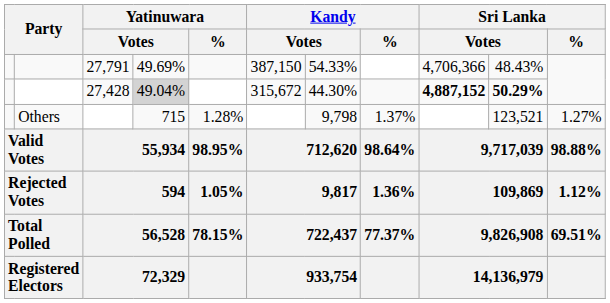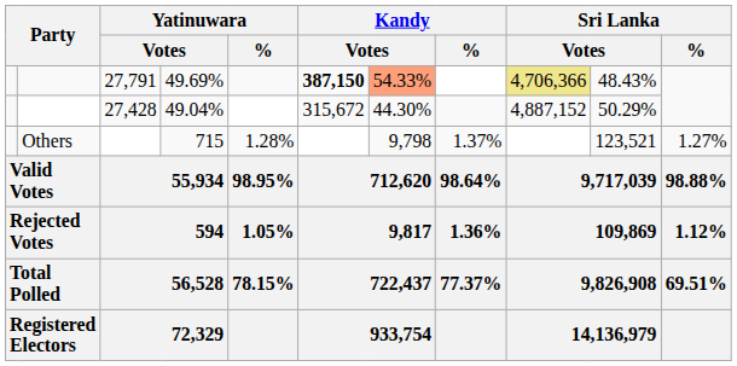 <table class="wikitable">
 <tr>
 <th colspan="2" rowspan="2">Party</th>
 <th colspan="3">Yatinuwara</th>
 <th colspan="3"><a href='#'>Kandy</a></th>
 <th colspan="3">Sri Lanka</th>
 </tr>
 <tr>
 <th colspan="2">Votes</th>
 <th>%</th>
 <th colspan="2">Votes</th>
 <th>%</th>
 <th colspan="2">Votes</th>
 <th>%</th>
 </tr>
 <tr>
 <td></td>
 <td style="background-color:"></td>
 <td style="text-align:right;">27,791</td>
 <td style="text-align:right;">49.69%</td>
 <td style="background-color:"></td>
-<td style="text-align:right;">387,150</td>
-<td style="text-align:right;">54.33%</td>
+<td style="text-align:right;"><strong>387,150</strong></td>
+<td style="background: lightsalmon; text-align:right;">54.33%</td>
 <td style="background-color:white;"></td>
-<td style="text-align:right;">4,706,366</td>
+<td style="background: khaki; text-align:right;">4,706,366</td>
 <td style="text-align:right;">48.43%</td>
 </tr>
 <tr>
 <td></td>
 <td style="background-color:white;"></td>
 <td style="text-align:right;">27,428</td>
-<td style="background: lightgrey; text-align:right;">49.04%</td>
+<td style="text-align:right;">49.04%</td>
 <td style="background-color:white;"></td>
 <td style="text-align:right;">315,672</td>
 <td style="text-align:right;">44.30%</td>
 <td style="background-color:"></td>
-<td style="text-align:right;"><strong>4,887,152</strong></td>
-<td style="text-align:right;"><strong>50.29%</strong></td>
+<td style="text-align:right;">4,887,152</td>
+<td style="text-align:right;">50.29%</td>
 </tr>
 <tr>
 <td style="background-color:"></td>
 <td style="text-align:left;">Others</td>
 <td style="background-color:white;"></td>
 <td style="text-align:right;">715</td>
 <td style="text-align:right;">1.28%</td>
 <td style="background-color:white;"></td>
 <td style="text-align:right;">9,798</td>
 <td style="text-align:right;">1.37%</td>
 <td style="background-color:white;"></td>
 <td style="text-align:right;">123,521</td>
 <td style="text-align:right;">1.27%</td>
 </tr>
 <tr>
 <th colspan="2" style="text-align:left;">Valid Votes</th>
 <th style="text-align:right;"colspan="2">55,934</th>
 <th style="text-align:right;">98.95%</th>
 <th style="text-align:right;"colspan="2">712,620</th>
 <th style="text-align:right;">98.64%</th>
 <th style="text-align:right;"colspan="2">9,717,039</th>
 <th style="text-align:right;">98.88%</th>
 </tr>
 <tr>
 <th colspan="2" style="text-align:left;">Rejected Votes</th>
 <th style="text-align:right;"colspan="2">594</th>
 <th style="text-align:right;">1.05%</th>
 <th style="text-align:right;"colspan="2">9,817</th>
 <th style="text-align:right;">1.36%</th>
 <th style="text-align:right;"colspan="2">109,869</th>
 <th style="text-align:right;">1.12%</th>
 </tr>
 <tr>
 <th colspan="2" style="text-align:left;">Total Polled</th>
 <th style="text-align:right;"colspan="2">56,528</th>
 <th style="text-align:right;">78.15%</th>
 <th style="text-align:right;"colspan="2">722,437</th>
 <th style="text-align:right;">77.37%</th>
 <th style="text-align:right;"colspan="2">9,826,908</th>
 <th style="text-align:right;">69.51%</th>
 </tr>
 <tr>
 <th colspan="2" style="text-align:left;">Registered Electors</th>
 <th style="text-align:right;"colspan="2">72,329</th>
 <th></th>
 <th style="text-align:right;"colspan="2">933,754</th>
 <th></th>
 <th style="text-align:right;"colspan="2">14,136,979</th>
 <th></th>
 </tr>
 </table>
